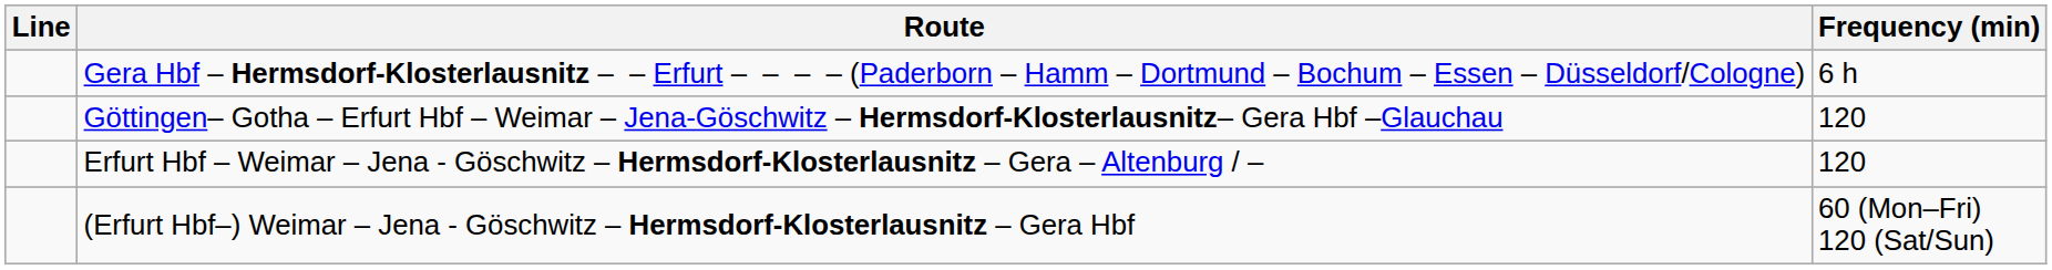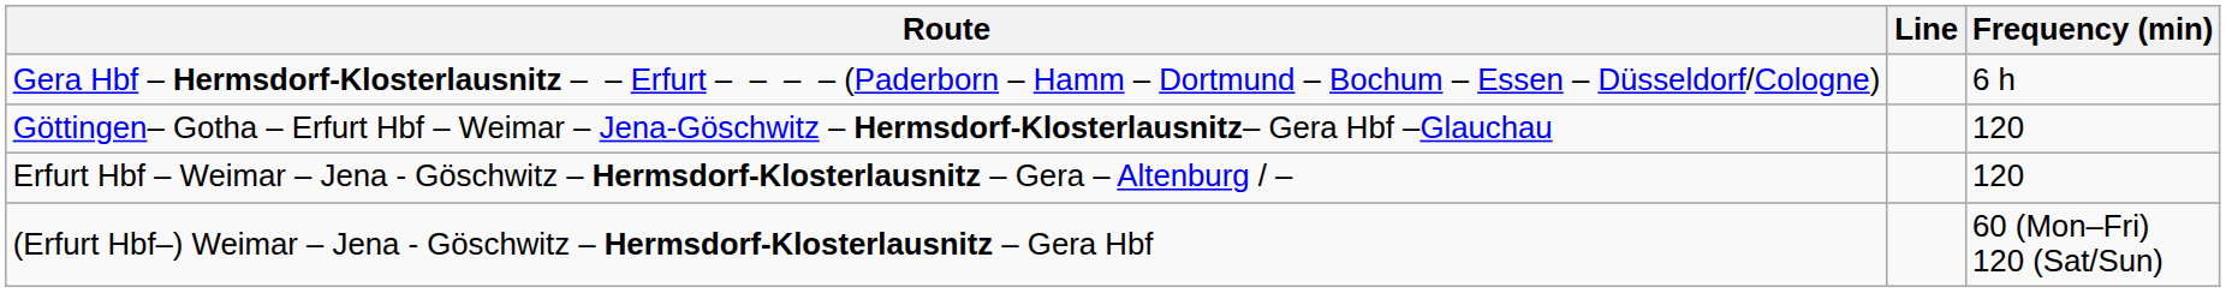 <table class="wikitable">
 <tr>
+<th>Route</th>
 <th>Line</th>
-<th>Route</th>
 <th>Frequency (min)</th>
 </tr>
 <tr>
+<td><a href='#'>Gera Hbf</a> – <strong>Hermsdorf-Klosterlausnitz</strong> –  – <a href='#'>Erfurt</a> –  –  –  – (<a href='#'>Paderborn</a> – <a href='#'>Hamm</a> – <a href='#'>Dortmund</a> – <a href='#'>Bochum</a> – <a href='#'>Essen</a> – <a href='#'>Düsseldorf</a>/<a href='#'>Cologne</a>)</td>
 <td align="center"></td>
-<td><a href='#'>Gera Hbf</a> – <strong>Hermsdorf-Klosterlausnitz</strong> –  – <a href='#'>Erfurt</a> –  –  –  – (<a href='#'>Paderborn</a> – <a href='#'>Hamm</a> – <a href='#'>Dortmund</a> – <a href='#'>Bochum</a> – <a href='#'>Essen</a> – <a href='#'>Düsseldorf</a>/<a href='#'>Cologne</a>)</td>
 <td>6 h</td>
 </tr>
 <tr>
+<td><a href='#'>Göttingen</a>– Gotha – Erfurt Hbf – Weimar – <a href='#'>Jena-Göschwitz</a> – <strong>Hermsdorf-Klosterlausnitz</strong>– Gera Hbf –<a href='#'>Glauchau</a></td>
 <td></td>
-<td><a href='#'>Göttingen</a>– Gotha – Erfurt Hbf – Weimar – <a href='#'>Jena-Göschwitz</a> – <strong>Hermsdorf-Klosterlausnitz</strong>– Gera Hbf –<a href='#'>Glauchau</a></td>
 <td>120</td>
 </tr>
 <tr>
+<td>Erfurt Hbf – Weimar – Jena - Göschwitz – <strong>Hermsdorf-Klosterlausnitz</strong> – Gera – <a href='#'>Altenburg</a> / – </td>
 <td></td>
-<td>Erfurt Hbf – Weimar – Jena - Göschwitz – <strong>Hermsdorf-Klosterlausnitz</strong> – Gera – <a href='#'>Altenburg</a> / – </td>
 <td>120</td>
 </tr>
 <tr>
+<td>(Erfurt Hbf–) Weimar – Jena - Göschwitz – <strong>Hermsdorf-Klosterlausnitz</strong> – Gera Hbf</td>
 <td></td>
-<td>(Erfurt Hbf–) Weimar – Jena - Göschwitz – <strong>Hermsdorf-Klosterlausnitz</strong> – Gera Hbf</td>
 <td>60 (Mon–Fri)<br>120 (Sat/Sun)</td>
 </tr>
 </table>
